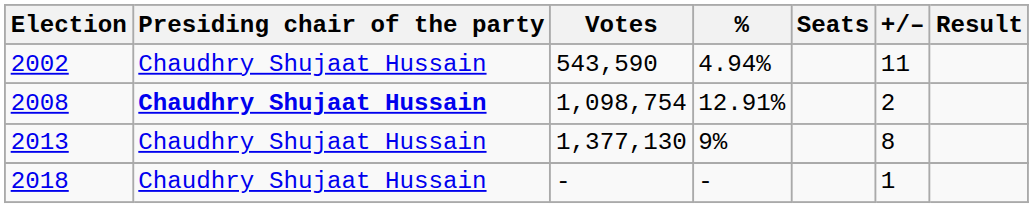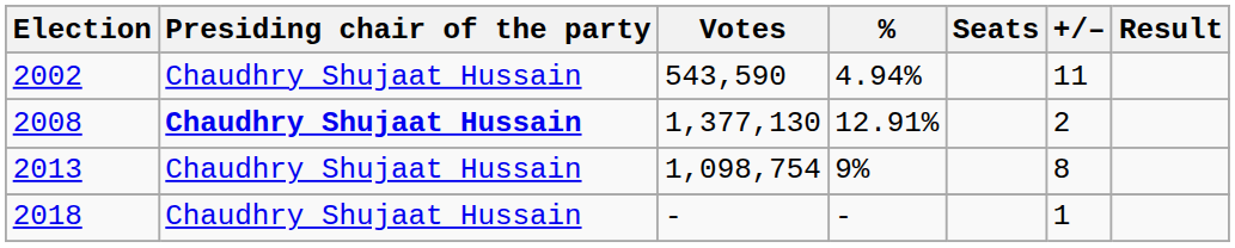 <table class="wikitable">
 <tr>
 <th><strong>Election</strong></th>
 <th>Presiding chair of the party</th>
 <th><strong>Votes</strong></th>
 <th><strong>%</strong></th>
 <th><strong>Seats</strong></th>
 <th>+/–</th>
 <th>Result</th>
 </tr>
 <tr>
 <td><a href='#'>2002</a></td>
 <td><a href='#'>Chaudhry Shujaat Hussain</a></td>
 <td>543,590</td>
 <td>4.94%</td>
 <td></td>
 <td>11</td>
 <td></td>
 </tr>
 <tr>
 <td><a href='#'>2008</a></td>
 <td><strong><a href='#'>Chaudhry Shujaat Hussain</a></strong></td>
-<td>1,098,754</td>
+<td>1,377,130</td>
 <td>12.91%</td>
 <td></td>
 <td> 2</td>
 <td></td>
 </tr>
 <tr>
 <td><a href='#'>2013</a></td>
 <td><a href='#'>Chaudhry Shujaat Hussain</a></td>
-<td>1,377,130</td>
+<td>1,098,754</td>
 <td>9%</td>
 <td></td>
 <td> 8</td>
 <td></td>
 </tr>
 <tr>
 </tr>
 <tr>
 <td><a href='#'>2018</a></td>
 <td><a href='#'>Chaudhry Shujaat Hussain</a></td>
 <td>-</td>
 <td>-</td>
 <td></td>
 <td> 1</td>
 <td></td>
 </tr>
 </table>
